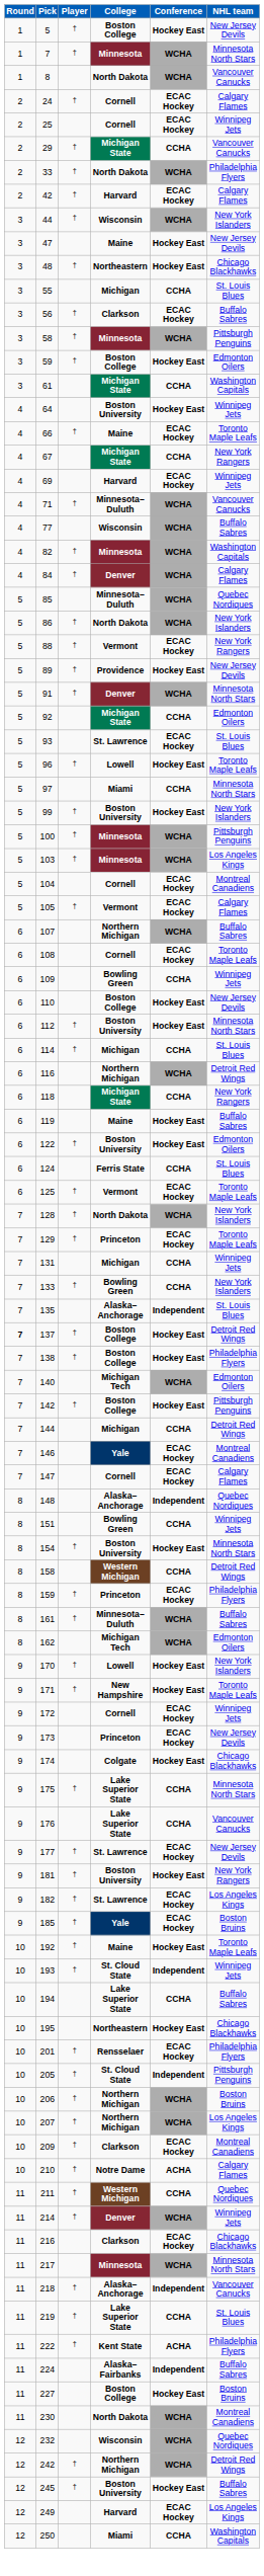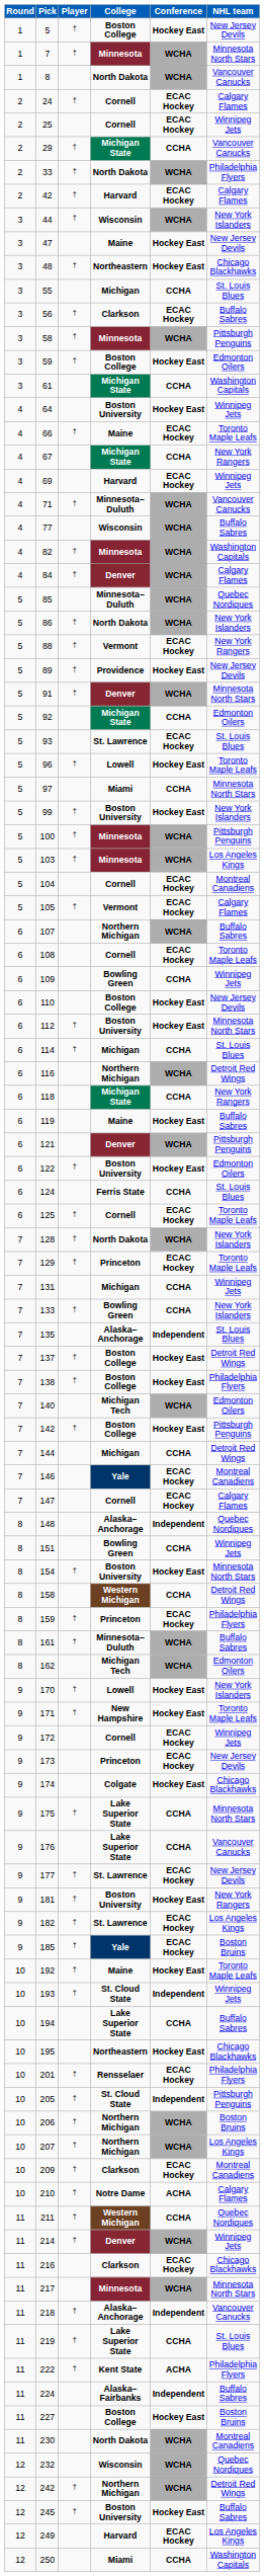 <table class="wikitable sortable" width="75%">
 <tr>
 <th style="color:white; background-color:#005EB8; width: 4em;">Round</th>
 <th style="color:white; background-color:#005EB8; width: 4em;">Pick</th>
 <th style="color:white; background-color:#005EB8; width: 12em;">Player</th>
 <th style="color:white; background-color:#005EB8; width: 13em;">College</th>
 <th style="color:white; background-color:#005EB8; width: 9em;">Conference</th>
 <th style="color:white; background-color:#005EB8; width: 11em;">NHL team</th>
 </tr>
 <tr align="center" bgcolor="">
 <td>1</td>
 <td>5</td>
 <td> <sup>†</sup></td>
 <td><strong>Boston College</strong></td>
 <td><strong>Hockey East</strong></td>
 <td><a href='#'>New Jersey Devils</a></td>
 </tr>
 <tr align="center" bgcolor="">
 <td>1</td>
 <td>7</td>
 <td> <sup>†</sup></td>
 <td style="color:white; background:#862334; "><strong>Minnesota</strong></td>
 <td style="color:black; background:#ADADAD; "><strong>WCHA</strong></td>
 <td><a href='#'>Minnesota North Stars</a></td>
 </tr>
 <tr align="center" bgcolor="">
 <td>1</td>
 <td>8</td>
 <td></td>
 <td><strong>North Dakota</strong></td>
 <td style="color:black; background:#ADADAD; "><strong>WCHA</strong></td>
 <td><a href='#'>Vancouver Canucks</a></td>
 </tr>
 <tr align="center" bgcolor="">
 <td>2</td>
 <td>24</td>
 <td> <sup>†</sup></td>
 <td><strong>Cornell</strong></td>
 <td><strong>ECAC Hockey</strong></td>
 <td><a href='#'>Calgary Flames</a></td>
 </tr>
 <tr align="center" bgcolor="">
 <td>2</td>
 <td>25</td>
 <td></td>
 <td><strong>Cornell</strong></td>
 <td><strong>ECAC Hockey</strong></td>
 <td><a href='#'>Winnipeg Jets</a></td>
 </tr>
 <tr align="center" bgcolor="">
 <td>2</td>
 <td>29</td>
 <td> <sup>†</sup></td>
 <td style="color:white; background:#007A53"><strong>Michigan State</strong></td>
 <td><strong>CCHA</strong></td>
 <td><a href='#'>Vancouver Canucks</a></td>
 </tr>
 <tr align="center" bgcolor="">
 <td>2</td>
 <td>33</td>
 <td> <sup>†</sup></td>
 <td><strong>North Dakota</strong></td>
 <td style="color:black; background:#ADADAD; "><strong>WCHA</strong></td>
 <td><a href='#'>Philadelphia Flyers</a></td>
 </tr>
 <tr align="center" bgcolor="">
 <td>2</td>
 <td>42</td>
 <td> <sup>†</sup></td>
 <td><strong>Harvard</strong></td>
 <td><strong>ECAC Hockey</strong></td>
 <td><a href='#'>Calgary Flames</a></td>
 </tr>
 <tr align="center" bgcolor="">
 <td>3</td>
 <td>44</td>
 <td> <sup>†</sup></td>
 <td><strong>Wisconsin</strong></td>
 <td style="color:black; background:#ADADAD; "><strong>WCHA</strong></td>
 <td><a href='#'>New York Islanders</a></td>
 </tr>
 <tr align="center" bgcolor="">
 <td>3</td>
 <td>47</td>
 <td></td>
 <td><strong>Maine</strong></td>
 <td><strong>Hockey East</strong></td>
 <td><a href='#'>New Jersey Devils</a></td>
 </tr>
 <tr align="center" bgcolor="">
 <td>3</td>
 <td>48</td>
 <td> <sup>†</sup></td>
 <td><strong>Northeastern</strong></td>
 <td><strong>Hockey East</strong></td>
 <td><a href='#'>Chicago Blackhawks</a></td>
 </tr>
 <tr align="center" bgcolor="">
 <td>3</td>
 <td>55</td>
 <td></td>
 <td><strong>Michigan</strong></td>
 <td><strong>CCHA</strong></td>
 <td><a href='#'>St. Louis Blues</a></td>
 </tr>
 <tr align="center" bgcolor="">
 <td>3</td>
 <td>56</td>
 <td> <sup>†</sup></td>
 <td><strong>Clarkson</strong></td>
 <td><strong>ECAC Hockey</strong></td>
 <td><a href='#'>Buffalo Sabres</a></td>
 </tr>
 <tr align="center" bgcolor="">
 <td>3</td>
 <td>58</td>
 <td> <sup>†</sup></td>
 <td style="color:white; background:#862334; "><strong>Minnesota</strong></td>
 <td style="color:black; background:#ADADAD; "><strong>WCHA</strong></td>
 <td><a href='#'>Pittsburgh Penguins</a></td>
 </tr>
 <tr align="center" bgcolor="">
 <td>3</td>
 <td>59</td>
 <td> <sup>†</sup></td>
 <td><strong>Boston College</strong></td>
 <td><strong>Hockey East</strong></td>
 <td><a href='#'>Edmonton Oilers</a></td>
 </tr>
 <tr align="center" bgcolor="">
 <td>3</td>
 <td>61</td>
 <td></td>
 <td style="color:white; background:#007A53"><strong>Michigan State</strong></td>
 <td><strong>CCHA</strong></td>
 <td><a href='#'>Washington Capitals</a></td>
 </tr>
 <tr align="center" bgcolor="">
 <td>4</td>
 <td>64</td>
 <td></td>
 <td><strong>Boston University</strong></td>
 <td><strong>Hockey East</strong></td>
 <td><a href='#'>Winnipeg Jets</a></td>
 </tr>
 <tr align="center" bgcolor="">
 <td>4</td>
 <td>66</td>
 <td> <sup>†</sup></td>
 <td><strong>Maine</strong></td>
 <td><strong>ECAC Hockey</strong></td>
 <td><a href='#'>Toronto Maple Leafs</a></td>
 </tr>
 <tr align="center" bgcolor="">
 <td>4</td>
 <td>67</td>
 <td></td>
 <td style="color:white; background:#007A53"><strong>Michigan State</strong></td>
 <td><strong>CCHA</strong></td>
 <td><a href='#'>New York Rangers</a></td>
 </tr>
 <tr align="center" bgcolor="">
 <td>4</td>
 <td>69</td>
 <td></td>
 <td><strong>Harvard</strong></td>
 <td><strong>ECAC Hockey</strong></td>
 <td><a href='#'>Winnipeg Jets</a></td>
 </tr>
 <tr align="center" bgcolor="">
 <td>4</td>
 <td>71</td>
 <td> <sup>†</sup></td>
 <td><strong>Minnesota–Duluth</strong></td>
 <td style="color:black; background:#ADADAD; "><strong>WCHA</strong></td>
 <td><a href='#'>Vancouver Canucks</a></td>
 </tr>
 <tr align="center" bgcolor="">
 <td>4</td>
 <td>77</td>
 <td></td>
 <td><strong>Wisconsin</strong></td>
 <td style="color:black; background:#ADADAD; "><strong>WCHA</strong></td>
 <td><a href='#'>Buffalo Sabres</a></td>
 </tr>
 <tr align="center" bgcolor="">
 <td>4</td>
 <td>82</td>
 <td> <sup>†</sup></td>
 <td style="color:white; background:#862334; "><strong>Minnesota</strong></td>
 <td style="color:black; background:#ADADAD; "><strong>WCHA</strong></td>
 <td><a href='#'>Washington Capitals</a></td>
 </tr>
 <tr align="center" bgcolor="">
 <td>4</td>
 <td>84</td>
 <td> <sup>†</sup></td>
 <td style="color:white; background:#862633; "><strong>Denver</strong></td>
 <td style="color:black; background:#ADADAD; "><strong>WCHA</strong></td>
 <td><a href='#'>Calgary Flames</a></td>
 </tr>
 <tr align="center" bgcolor="">
 <td>5</td>
 <td>85</td>
 <td></td>
 <td><strong>Minnesota–Duluth</strong></td>
 <td style="color:black; background:#ADADAD; "><strong>WCHA</strong></td>
 <td><a href='#'>Quebec Nordiques</a></td>
 </tr>
 <tr align="center" bgcolor="">
 <td>5</td>
 <td>86</td>
 <td> <sup>†</sup></td>
 <td><strong>North Dakota</strong></td>
 <td style="color:black; background:#ADADAD; "><strong>WCHA</strong></td>
 <td><a href='#'>New York Islanders</a></td>
 </tr>
 <tr align="center" bgcolor="">
 <td>5</td>
 <td>88</td>
 <td> <sup>†</sup></td>
 <td><strong>Vermont</strong></td>
 <td><strong>ECAC Hockey</strong></td>
 <td><a href='#'>New York Rangers</a></td>
 </tr>
 <tr align="center" bgcolor="">
 <td>5</td>
 <td>89</td>
 <td> <sup>†</sup></td>
 <td><strong>Providence</strong></td>
 <td><strong>Hockey East</strong></td>
 <td><a href='#'>New Jersey Devils</a></td>
 </tr>
 <tr align="center" bgcolor="">
 <td>5</td>
 <td>91</td>
 <td> <sup>†</sup></td>
 <td style="color:white; background:#862633; "><strong>Denver</strong></td>
 <td style="color:black; background:#ADADAD; "><strong>WCHA</strong></td>
 <td><a href='#'>Minnesota North Stars</a></td>
 </tr>
 <tr align="center" bgcolor="">
 <td>5</td>
 <td>92</td>
 <td></td>
 <td style="color:white; background:#007A53"><strong>Michigan State</strong></td>
 <td><strong>CCHA</strong></td>
 <td><a href='#'>Edmonton Oilers</a></td>
 </tr>
 <tr align="center" bgcolor="">
 <td>5</td>
 <td>93</td>
 <td></td>
 <td><strong>St. Lawrence</strong></td>
 <td><strong>ECAC Hockey</strong></td>
 <td><a href='#'>St. Louis Blues</a></td>
 </tr>
 <tr align="center" bgcolor="">
 <td>5</td>
 <td>96</td>
 <td> <sup>†</sup></td>
 <td><strong>Lowell</strong></td>
 <td><strong>Hockey East</strong></td>
 <td><a href='#'>Toronto Maple Leafs</a></td>
 </tr>
 <tr align="center" bgcolor="">
 <td>5</td>
 <td>97</td>
 <td></td>
 <td><strong>Miami</strong></td>
 <td><strong>CCHA</strong></td>
 <td><a href='#'>Minnesota North Stars</a></td>
 </tr>
 <tr align="center" bgcolor="">
 <td>5</td>
 <td>99</td>
 <td> <sup>†</sup></td>
 <td><strong>Boston University</strong></td>
 <td><strong>Hockey East</strong></td>
 <td><a href='#'>New York Islanders</a></td>
 </tr>
 <tr align="center" bgcolor="">
 <td>5</td>
 <td>100</td>
 <td> <sup>†</sup></td>
 <td style="color:white; background:#862334; "><strong>Minnesota</strong></td>
 <td style="color:black; background:#ADADAD; "><strong>WCHA</strong></td>
 <td><a href='#'>Pittsburgh Penguins</a></td>
 </tr>
 <tr align="center" bgcolor="">
 <td>5</td>
 <td>103</td>
 <td> <sup>†</sup></td>
 <td style="color:white; background:#862334; "><strong>Minnesota</strong></td>
 <td style="color:black; background:#ADADAD; "><strong>WCHA</strong></td>
 <td><a href='#'>Los Angeles Kings</a></td>
 </tr>
 <tr align="center" bgcolor="">
 <td>5</td>
 <td>104</td>
 <td></td>
 <td><strong>Cornell</strong></td>
 <td><strong>ECAC Hockey</strong></td>
 <td><a href='#'>Montreal Canadiens</a></td>
 </tr>
 <tr align="center" bgcolor="">
 <td>5</td>
 <td>105</td>
 <td> <sup>†</sup></td>
 <td><strong>Vermont</strong></td>
 <td><strong>ECAC Hockey</strong></td>
 <td><a href='#'>Calgary Flames</a></td>
 </tr>
 <tr align="center" bgcolor="">
 <td>6</td>
 <td>107</td>
 <td></td>
 <td><strong>Northern Michigan</strong></td>
 <td style="color:black; background:#ADADAD; "><strong>WCHA</strong></td>
 <td><a href='#'>Buffalo Sabres</a></td>
 </tr>
 <tr align="center" bgcolor="">
 <td>6</td>
 <td>108</td>
 <td></td>
 <td><strong>Cornell</strong></td>
 <td><strong>ECAC Hockey</strong></td>
 <td><a href='#'>Toronto Maple Leafs</a></td>
 </tr>
 <tr align="center" bgcolor="">
 <td>6</td>
 <td>109</td>
 <td></td>
 <td><strong>Bowling Green</strong></td>
 <td><strong>CCHA</strong></td>
 <td><a href='#'>Winnipeg Jets</a></td>
 </tr>
 <tr align="center" bgcolor="">
 <td>6</td>
 <td>110</td>
 <td></td>
 <td><strong>Boston College</strong></td>
 <td><strong>Hockey East</strong></td>
 <td><a href='#'>New Jersey Devils</a></td>
 </tr>
 <tr align="center" bgcolor="">
 <td>6</td>
 <td>112</td>
 <td> <sup>†</sup></td>
 <td><strong>Boston University</strong></td>
 <td><strong>Hockey East</strong></td>
 <td><a href='#'>Minnesota North Stars</a></td>
 </tr>
 <tr align="center" bgcolor="">
 <td>6</td>
 <td>114</td>
 <td> <sup>†</sup></td>
 <td><strong>Michigan</strong></td>
 <td><strong>CCHA</strong></td>
 <td><a href='#'>St. Louis Blues</a></td>
 </tr>
 <tr align="center" bgcolor="">
 <td>6</td>
 <td>116</td>
 <td></td>
 <td><strong>Northern Michigan</strong></td>
 <td style="color:black; background:#ADADAD; "><strong>WCHA</strong></td>
 <td><a href='#'>Detroit Red Wings</a></td>
 </tr>
 <tr align="center" bgcolor="">
 <td>6</td>
 <td>118</td>
 <td></td>
 <td style="color:white; background:#007A53"><strong>Michigan State</strong></td>
 <td><strong>CCHA</strong></td>
 <td><a href='#'>New York Rangers</a></td>
 </tr>
 <tr align="center" bgcolor="">
 <td>6</td>
 <td>119</td>
 <td></td>
 <td><strong>Maine</strong></td>
 <td><strong>Hockey East</strong></td>
 <td><a href='#'>Buffalo Sabres</a></td>
 </tr>
 <tr align="center" bgcolor="">
 <td>6</td>
+<td>121</td>
+<td></td>
+<td style="color:white; background:#862633; "><strong>Denver</strong></td>
+<td style="color:black; background:#ADADAD; "><strong>WCHA</strong></td>
+<td><a href='#'>Pittsburgh Penguins</a></td>
+</tr>
+<tr align="center" bgcolor="">
+<td>6</td>
 <td>122</td>
 <td> <sup>†</sup></td>
 <td><strong>Boston University</strong></td>
 <td><strong>Hockey East</strong></td>
 <td><a href='#'>Edmonton Oilers</a></td>
 </tr>
 <tr align="center" bgcolor="">
 <td>6</td>
 <td>124</td>
 <td></td>
 <td><strong>Ferris State</strong></td>
 <td><strong>CCHA</strong></td>
 <td><a href='#'>St. Louis Blues</a></td>
 </tr>
 <tr align="center" bgcolor="">
 <td>6</td>
 <td>125</td>
 <td> <sup>†</sup></td>
-<td><strong>Vermont</strong></td>
+<td><strong>Cornell</strong></td>
 <td><strong>ECAC Hockey</strong></td>
 <td><a href='#'>Toronto Maple Leafs</a></td>
 </tr>
 <tr align="center" bgcolor="">
 <td>7</td>
 <td>128</td>
 <td> <sup>†</sup></td>
 <td><strong>North Dakota</strong></td>
 <td style="color:black; background:#ADADAD; "><strong>WCHA</strong></td>
 <td><a href='#'>New York Islanders</a></td>
 </tr>
 <tr align="center" bgcolor="">
 <td>7</td>
 <td>129</td>
 <td> <sup>†</sup></td>
 <td><strong>Princeton</strong></td>
 <td><strong>ECAC Hockey</strong></td>
 <td><a href='#'>Toronto Maple Leafs</a></td>
 </tr>
 <tr align="center" bgcolor="">
 <td>7</td>
 <td>131</td>
 <td></td>
 <td><strong>Michigan</strong></td>
 <td><strong>CCHA</strong></td>
 <td><a href='#'>Winnipeg Jets</a></td>
 </tr>
 <tr align="center" bgcolor="">
 <td>7</td>
 <td>133</td>
 <td> <sup>†</sup></td>
 <td><strong>Bowling Green</strong></td>
 <td><strong>CCHA</strong></td>
 <td><a href='#'>New York Islanders</a></td>
 </tr>
 <tr align="center" bgcolor="">
 <td>7</td>
 <td>135</td>
 <td></td>
 <td><strong>Alaska–Anchorage</strong></td>
 <td><strong>Independent</strong></td>
 <td><a href='#'>St. Louis Blues</a></td>
 </tr>
 <tr align="center" bgcolor="">
-<td><strong>7</strong></td>
+<td>7</td>
 <td>137</td>
 <td> <sup>†</sup></td>
 <td><strong>Boston College</strong></td>
 <td><strong>Hockey East</strong></td>
 <td><a href='#'>Detroit Red Wings</a></td>
 </tr>
 <tr align="center" bgcolor="">
 <td>7</td>
 <td>138</td>
 <td> <sup>†</sup></td>
 <td><strong>Boston College</strong></td>
 <td><strong>Hockey East</strong></td>
 <td><a href='#'>Philadelphia Flyers</a></td>
 </tr>
 <tr align="center" bgcolor="">
 <td>7</td>
 <td>140</td>
 <td></td>
 <td><strong>Michigan Tech</strong></td>
 <td style="color:black; background:#ADADAD; "><strong>WCHA</strong></td>
 <td><a href='#'>Edmonton Oilers</a></td>
 </tr>
 <tr align="center" bgcolor="">
 <td>7</td>
 <td>142</td>
 <td> <sup>†</sup></td>
 <td><strong>Boston College</strong></td>
 <td><strong>Hockey East</strong></td>
 <td><a href='#'>Pittsburgh Penguins</a></td>
 </tr>
 <tr align="center" bgcolor="">
 <td>7</td>
 <td>144</td>
 <td></td>
 <td><strong>Michigan</strong></td>
 <td><strong>CCHA</strong></td>
 <td><a href='#'>Detroit Red Wings</a></td>
 </tr>
 <tr align="center" bgcolor="">
 <td>7</td>
 <td>146</td>
 <td></td>
 <td style="color:white; background:#00356B"><strong>Yale</strong></td>
 <td><strong>ECAC Hockey</strong></td>
 <td><a href='#'>Montreal Canadiens</a></td>
 </tr>
 <tr align="center" bgcolor="">
 <td>7</td>
 <td>147</td>
 <td></td>
 <td><strong>Cornell</strong></td>
 <td><strong>ECAC Hockey</strong></td>
 <td><a href='#'>Calgary Flames</a></td>
 </tr>
 <tr align="center" bgcolor="">
 <td>8</td>
 <td>148</td>
 <td></td>
 <td><strong>Alaska–Anchorage</strong></td>
 <td><strong>Independent</strong></td>
 <td><a href='#'>Quebec Nordiques</a></td>
 </tr>
 <tr align="center" bgcolor="">
 <td>8</td>
 <td>151</td>
 <td></td>
 <td><strong>Bowling Green</strong></td>
 <td><strong>CCHA</strong></td>
 <td><a href='#'>Winnipeg Jets</a></td>
 </tr>
 <tr align="center" bgcolor="">
 <td>8</td>
 <td>154</td>
 <td> <sup>†</sup></td>
 <td><strong>Boston University</strong></td>
 <td><strong>Hockey East</strong></td>
 <td><a href='#'>Minnesota North Stars</a></td>
 </tr>
 <tr align="center" bgcolor="">
 <td>8</td>
 <td>158</td>
 <td></td>
 <td style="color:white; background:#6C4023; "><strong>Western Michigan</strong></td>
 <td><strong>CCHA</strong></td>
 <td><a href='#'>Detroit Red Wings</a></td>
 </tr>
 <tr align="center" bgcolor="">
 <td>8</td>
 <td>159</td>
 <td> <sup>†</sup></td>
 <td><strong>Princeton</strong></td>
 <td><strong>ECAC Hockey</strong></td>
 <td><a href='#'>Philadelphia Flyers</a></td>
 </tr>
 <tr align="center" bgcolor="">
 <td>8</td>
 <td>161</td>
 <td> <sup>†</sup></td>
 <td><strong>Minnesota–Duluth</strong></td>
 <td style="color:black; background:#ADADAD; "><strong>WCHA</strong></td>
 <td><a href='#'>Buffalo Sabres</a></td>
 </tr>
 <tr align="center" bgcolor="">
 <td>8</td>
 <td>162</td>
 <td></td>
 <td><strong>Michigan Tech</strong></td>
 <td style="color:black; background:#ADADAD; "><strong>WCHA</strong></td>
 <td><a href='#'>Edmonton Oilers</a></td>
 </tr>
 <tr align="center" bgcolor="">
 <td>9</td>
 <td>170</td>
 <td> <sup>†</sup></td>
 <td><strong>Lowell</strong></td>
 <td><strong>Hockey East</strong></td>
 <td><a href='#'>New York Islanders</a></td>
 </tr>
 <tr align="center" bgcolor="">
 <td>9</td>
 <td>171</td>
 <td> <sup>†</sup></td>
 <td><strong>New Hampshire</strong></td>
 <td><strong>Hockey East</strong></td>
 <td><a href='#'>Toronto Maple Leafs</a></td>
 </tr>
 <tr align="center" bgcolor="">
 <td>9</td>
 <td>172</td>
 <td></td>
 <td><strong>Cornell</strong></td>
 <td><strong>ECAC Hockey</strong></td>
 <td><a href='#'>Winnipeg Jets</a></td>
 </tr>
 <tr align="center" bgcolor="">
 <td>9</td>
 <td>173</td>
 <td></td>
 <td><strong>Princeton</strong></td>
 <td><strong>ECAC Hockey</strong></td>
 <td><a href='#'>New Jersey Devils</a></td>
 </tr>
 <tr align="center" bgcolor="">
 <td>9</td>
 <td>174</td>
 <td></td>
 <td><strong>Colgate</strong></td>
 <td><strong>Hockey East</strong></td>
 <td><a href='#'>Chicago Blackhawks</a></td>
 </tr>
 <tr align="center" bgcolor="">
 <td>9</td>
 <td>175</td>
 <td> <sup>†</sup></td>
 <td><strong>Lake Superior State</strong></td>
 <td><strong>CCHA</strong></td>
 <td><a href='#'>Minnesota North Stars</a></td>
 </tr>
 <tr align="center" bgcolor="">
 <td>9</td>
 <td>176</td>
 <td></td>
 <td><strong>Lake Superior State</strong></td>
 <td><strong>CCHA</strong></td>
 <td><a href='#'>Vancouver Canucks</a></td>
 </tr>
 <tr align="center" bgcolor="">
 <td>9</td>
 <td>177</td>
 <td> <sup>†</sup></td>
 <td><strong>St. Lawrence</strong></td>
 <td><strong>ECAC Hockey</strong></td>
 <td><a href='#'>New Jersey Devils</a></td>
 </tr>
 <tr align="center" bgcolor="">
 <td>9</td>
 <td>181</td>
 <td> <sup>†</sup></td>
 <td><strong>Boston University</strong></td>
 <td><strong>Hockey East</strong></td>
 <td><a href='#'>New York Rangers</a></td>
 </tr>
 <tr align="center" bgcolor="">
 <td>9</td>
 <td>182</td>
 <td> <sup>†</sup></td>
 <td><strong>St. Lawrence</strong></td>
 <td><strong>ECAC Hockey</strong></td>
 <td><a href='#'>Los Angeles Kings</a></td>
 </tr>
 <tr align="center" bgcolor="">
 <td>9</td>
 <td>185</td>
 <td> <sup>†</sup></td>
 <td style="color:white; background:#00356B"><strong>Yale</strong></td>
 <td><strong>ECAC Hockey</strong></td>
 <td><a href='#'>Boston Bruins</a></td>
 </tr>
 <tr align="center" bgcolor="">
 <td>10</td>
 <td>192</td>
 <td> <sup>†</sup></td>
 <td><strong>Maine</strong></td>
 <td><strong>Hockey East</strong></td>
 <td><a href='#'>Toronto Maple Leafs</a></td>
 </tr>
 <tr align="center" bgcolor="">
 <td>10</td>
 <td>193</td>
 <td> <sup>†</sup></td>
 <td><strong>St. Cloud State</strong></td>
 <td><strong>Independent</strong></td>
 <td><a href='#'>Winnipeg Jets</a></td>
 </tr>
 <tr align="center" bgcolor="">
 <td>10</td>
 <td>194</td>
 <td></td>
 <td><strong>Lake Superior State</strong></td>
 <td><strong>CCHA</strong></td>
 <td><a href='#'>Buffalo Sabres</a></td>
 </tr>
 <tr align="center" bgcolor="">
 <td>10</td>
 <td>195</td>
 <td></td>
 <td><strong>Northeastern</strong></td>
 <td><strong>Hockey East</strong></td>
 <td><a href='#'>Chicago Blackhawks</a></td>
 </tr>
 <tr align="center" bgcolor="">
 <td>10</td>
 <td>201</td>
 <td> <sup>†</sup></td>
 <td><strong>Rensselaer</strong></td>
 <td><strong>ECAC Hockey</strong></td>
 <td><a href='#'>Philadelphia Flyers</a></td>
 </tr>
 <tr align="center" bgcolor="">
 <td>10</td>
 <td>205</td>
 <td> <sup>†</sup></td>
 <td><strong>St. Cloud State</strong></td>
 <td><strong>Independent</strong></td>
 <td><a href='#'>Pittsburgh Penguins</a></td>
 </tr>
 <tr align="center" bgcolor="">
 <td>10</td>
 <td>206</td>
 <td> <sup>†</sup></td>
 <td><strong>Northern Michigan</strong></td>
 <td style="color:black; background:#ADADAD; "><strong>WCHA</strong></td>
 <td><a href='#'>Boston Bruins</a></td>
 </tr>
 <tr align="center" bgcolor="">
 <td>10</td>
 <td>207</td>
 <td> <sup>†</sup></td>
 <td><strong>Northern Michigan</strong></td>
 <td style="color:black; background:#ADADAD; "><strong>WCHA</strong></td>
 <td><a href='#'>Los Angeles Kings</a></td>
 </tr>
 <tr align="center" bgcolor="">
 <td>10</td>
 <td>209</td>
 <td> <sup>†</sup></td>
 <td><strong>Clarkson</strong></td>
 <td><strong>ECAC Hockey</strong></td>
 <td><a href='#'>Montreal Canadiens</a></td>
 </tr>
 <tr align="center" bgcolor="">
 <td>10</td>
 <td>210</td>
 <td> <sup>†</sup></td>
 <td><strong>Notre Dame</strong></td>
 <td><strong>ACHA</strong></td>
 <td><a href='#'>Calgary Flames</a></td>
 </tr>
 <tr align="center" bgcolor="">
 <td>11</td>
 <td>211</td>
 <td> <sup>†</sup></td>
 <td style="color:white; background:#6C4023; "><strong>Western Michigan</strong></td>
 <td><strong>CCHA</strong></td>
 <td><a href='#'>Quebec Nordiques</a></td>
 </tr>
 <tr align="center" bgcolor="">
 <td>11</td>
 <td>214</td>
 <td> <sup>†</sup></td>
 <td style="color:white; background:#862633; "><strong>Denver</strong></td>
 <td style="color:black; background:#ADADAD; "><strong>WCHA</strong></td>
 <td><a href='#'>Winnipeg Jets</a></td>
 </tr>
 <tr align="center" bgcolor="">
 <td>11</td>
 <td>216</td>
 <td></td>
 <td><strong>Clarkson</strong></td>
 <td><strong>ECAC Hockey</strong></td>
 <td><a href='#'>Chicago Blackhawks</a></td>
 </tr>
 <tr align="center" bgcolor="">
 <td>11</td>
 <td>217</td>
 <td></td>
 <td style="color:white; background:#862334; "><strong>Minnesota</strong></td>
 <td style="color:black; background:#ADADAD; "><strong>WCHA</strong></td>
 <td><a href='#'>Minnesota North Stars</a></td>
 </tr>
 <tr align="center" bgcolor="">
 <td>11</td>
 <td>218</td>
 <td> <sup>†</sup></td>
 <td><strong>Alaska–Anchorage</strong></td>
 <td><strong>Independent</strong></td>
 <td><a href='#'>Vancouver Canucks</a></td>
 </tr>
 <tr align="center" bgcolor="">
 <td>11</td>
 <td>219</td>
 <td> <sup>†</sup></td>
 <td><strong>Lake Superior State</strong></td>
 <td><strong>CCHA</strong></td>
 <td><a href='#'>St. Louis Blues</a></td>
 </tr>
 <tr align="center" bgcolor="">
 <td>11</td>
 <td>222</td>
 <td> <sup>†</sup></td>
 <td><strong>Kent State</strong></td>
 <td><strong>ACHA</strong></td>
 <td><a href='#'>Philadelphia Flyers</a></td>
 </tr>
 <tr align="center" bgcolor="">
 <td>11</td>
 <td>224</td>
 <td></td>
 <td><strong>Alaska–Fairbanks</strong></td>
 <td><strong>Independent</strong></td>
 <td><a href='#'>Buffalo Sabres</a></td>
 </tr>
 <tr align="center" bgcolor="">
 <td>11</td>
 <td>227</td>
 <td></td>
 <td><strong>Boston College</strong></td>
 <td><strong>Hockey East</strong></td>
 <td><a href='#'>Boston Bruins</a></td>
 </tr>
 <tr align="center" bgcolor="">
 <td>11</td>
 <td>230</td>
 <td></td>
 <td><strong>North Dakota</strong></td>
 <td style="color:black; background:#ADADAD; "><strong>WCHA</strong></td>
 <td><a href='#'>Montreal Canadiens</a></td>
 </tr>
 <tr align="center" bgcolor="">
 <td>12</td>
 <td>232</td>
 <td></td>
 <td><strong>Wisconsin</strong></td>
 <td style="color:black; background:#ADADAD; "><strong>WCHA</strong></td>
 <td><a href='#'>Quebec Nordiques</a></td>
 </tr>
 <tr align="center" bgcolor="">
 <td>12</td>
 <td>242</td>
 <td> <sup>†</sup></td>
 <td><strong>Northern Michigan</strong></td>
 <td style="color:black; background:#ADADAD; "><strong>WCHA</strong></td>
 <td><a href='#'>Detroit Red Wings</a></td>
 </tr>
 <tr align="center" bgcolor="">
 <td>12</td>
 <td>245</td>
 <td> <sup>†</sup></td>
 <td><strong>Boston University</strong></td>
 <td><strong>Hockey East</strong></td>
 <td><a href='#'>Buffalo Sabres</a></td>
 </tr>
 <tr align="center" bgcolor="">
 <td>12</td>
 <td>249</td>
 <td></td>
 <td><strong>Harvard</strong></td>
 <td><strong>ECAC Hockey</strong></td>
 <td><a href='#'>Los Angeles Kings</a></td>
 </tr>
 <tr align="center" bgcolor="">
 <td>12</td>
 <td>250</td>
 <td></td>
 <td><strong>Miami</strong></td>
 <td><strong>CCHA</strong></td>
 <td><a href='#'>Washington Capitals</a></td>
 </tr>
 </table>
